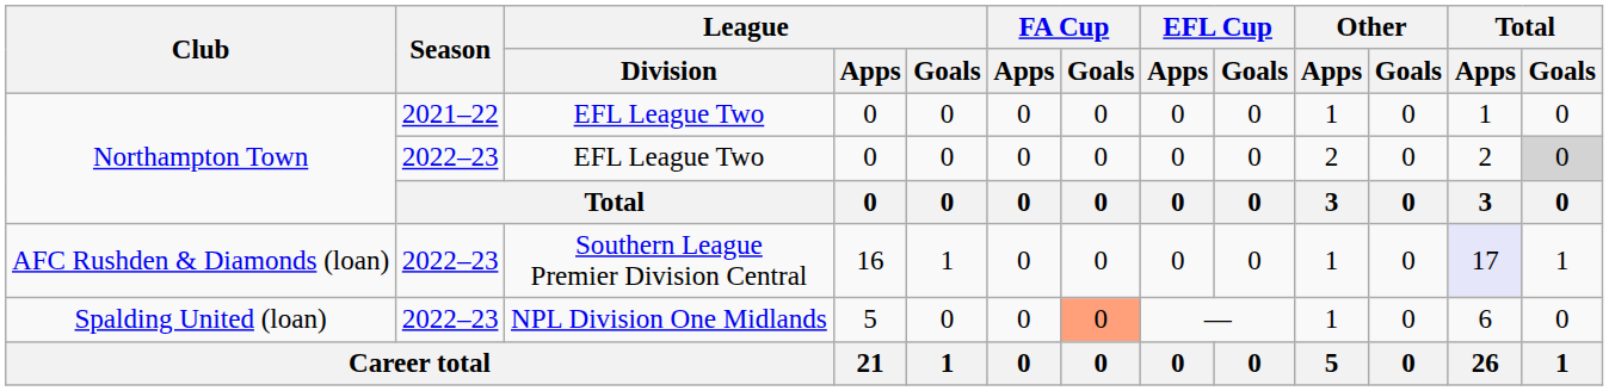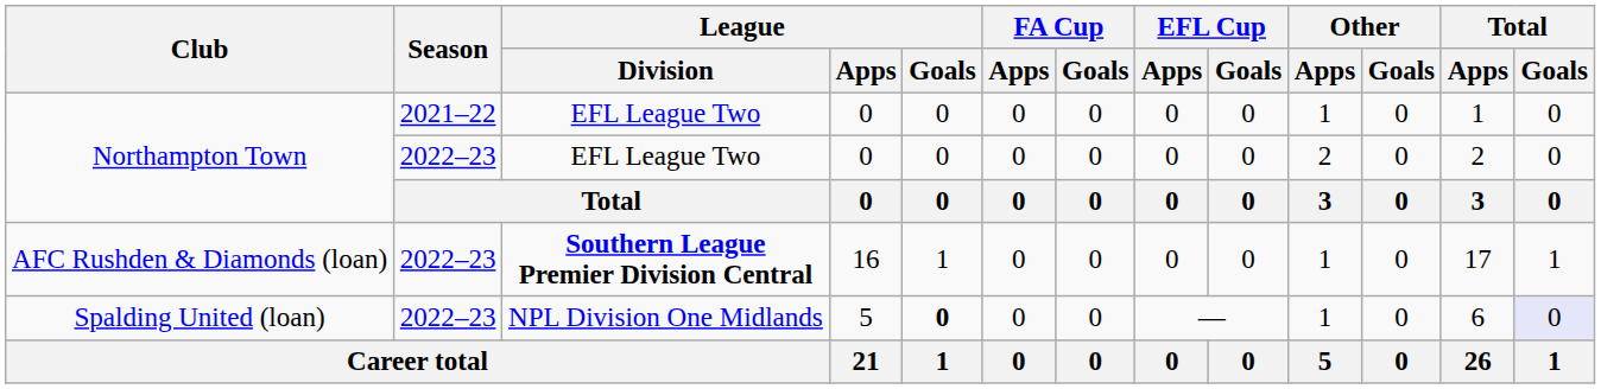 <table class="wikitable" style="text-align:center;">
 <tr>
 <th rowspan="2">Club</th>
 <th rowspan="2">Season</th>
 <th colspan="3">League</th>
 <th colspan="2"><a href='#'>FA Cup</a></th>
 <th colspan="2"><a href='#'>EFL Cup</a></th>
 <th colspan="2">Other</th>
 <th colspan="2">Total</th>
 </tr>
 <tr>
 <th>Division</th>
 <th>Apps</th>
 <th>Goals</th>
 <th>Apps</th>
 <th>Goals</th>
 <th>Apps</th>
 <th>Goals</th>
 <th>Apps</th>
 <th>Goals</th>
 <th>Apps</th>
 <th>Goals</th>
 </tr>
 <tr>
 <td rowspan="3"><a href='#'>Northampton Town</a></td>
 <td><a href='#'>2021–22</a></td>
 <td><a href='#'>EFL League Two</a></td>
 <td>0</td>
 <td>0</td>
 <td>0</td>
 <td>0</td>
 <td>0</td>
 <td>0</td>
 <td>1</td>
 <td>0</td>
 <td>1</td>
 <td>0</td>
 </tr>
 <tr>
 <td><a href='#'>2022–23</a></td>
 <td>EFL League Two</td>
 <td>0</td>
 <td>0</td>
 <td>0</td>
 <td>0</td>
 <td>0</td>
 <td>0</td>
 <td>2</td>
 <td>0</td>
 <td>2</td>
-<td style="background: lightgrey;">0</td>
+<td>0</td>
 </tr>
 <tr>
 <th colspan="2">Total</th>
 <th>0</th>
 <th>0</th>
 <th>0</th>
 <th>0</th>
 <th>0</th>
 <th>0</th>
 <th>3</th>
 <th>0</th>
 <th>3</th>
 <th>0</th>
 </tr>
 <tr>
 <td><a href='#'>AFC Rushden & Diamonds</a> (loan)</td>
 <td><a href='#'>2022–23</a></td>
-<td><a href='#'>Southern League</a><br>Premier Division Central</td>
+<td><strong><a href='#'>Southern League</a><br>Premier Division Central</strong></td>
 <td>16</td>
 <td>1</td>
 <td>0</td>
 <td>0</td>
 <td>0</td>
 <td>0</td>
 <td>1</td>
 <td>0</td>
-<td style="background: lavender;">17</td>
+<td>17</td>
 <td>1</td>
 </tr>
 <tr>
 <td><a href='#'>Spalding United</a> (loan)</td>
 <td><a href='#'>2022–23</a></td>
 <td><a href='#'>NPL Division One Midlands</a></td>
 <td>5</td>
+<td><strong>0</strong></td>
 <td>0</td>
 <td>0</td>
-<td style="background: lightsalmon;">0</td>
 <td colspan="2">—</td>
 <td>1</td>
 <td>0</td>
 <td>6</td>
-<td>0</td>
+<td style="background: lavender;">0</td>
 </tr>
 <tr>
 <th colspan="3">Career total</th>
 <th>21</th>
 <th>1</th>
 <th>0</th>
 <th>0</th>
 <th>0</th>
 <th>0</th>
 <th>5</th>
 <th>0</th>
 <th>26</th>
 <th>1</th>
 </tr>
 </table>
